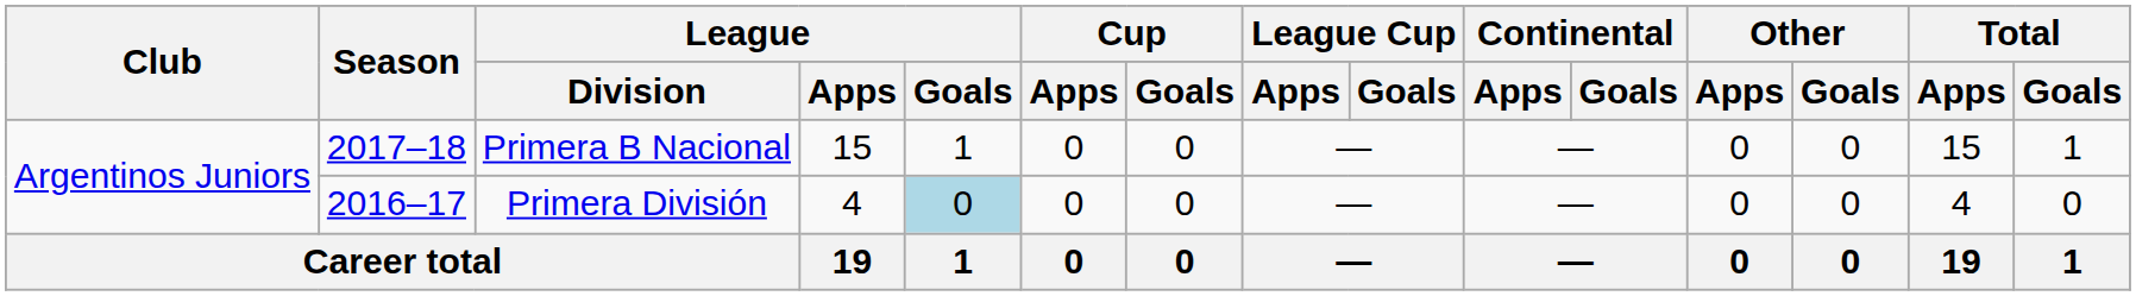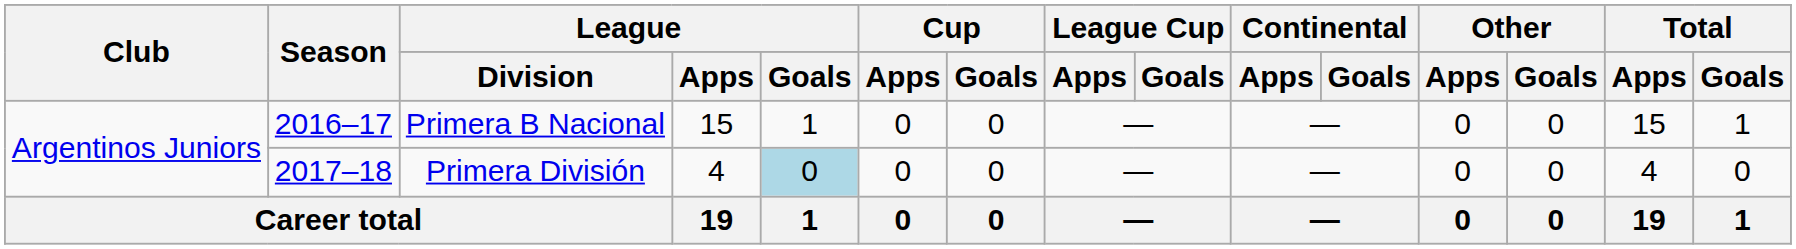 <table class="wikitable" style="text-align:center">
 <tr>
 <th rowspan="2">Club</th>
 <th rowspan="2">Season</th>
 <th colspan="3">League</th>
 <th colspan="2">Cup</th>
 <th colspan="2">League Cup</th>
 <th colspan="2">Continental</th>
 <th colspan="2">Other</th>
 <th colspan="2">Total</th>
 </tr>
 <tr>
 <th>Division</th>
 <th>Apps</th>
 <th>Goals</th>
 <th>Apps</th>
 <th>Goals</th>
 <th>Apps</th>
 <th>Goals</th>
 <th>Apps</th>
 <th>Goals</th>
 <th>Apps</th>
 <th>Goals</th>
 <th>Apps</th>
 <th>Goals</th>
 </tr>
 <tr>
 <td rowspan="2"><a href='#'>Argentinos Juniors</a></td>
-<td><a href='#'>2017–18</a></td>
+<td><a href='#'>2016–17</a></td>
 <td rowspan="1"><a href='#'>Primera B Nacional</a></td>
 <td>15</td>
 <td>1</td>
 <td>0</td>
 <td>0</td>
 <td colspan="2">—</td>
 <td colspan="2">—</td>
 <td>0</td>
 <td>0</td>
 <td>15</td>
 <td>1</td>
 </tr>
 <tr>
-<td><a href='#'>2016–17</a></td>
+<td><a href='#'>2017–18</a></td>
 <td rowspan="1"><a href='#'>Primera División</a></td>
 <td>4</td>
 <td style="background: lightblue;">0</td>
 <td>0</td>
 <td>0</td>
 <td colspan="2">—</td>
 <td colspan="2">—</td>
 <td>0</td>
 <td>0</td>
 <td>4</td>
 <td>0</td>
 </tr>
 <tr>
 <th colspan="3">Career total</th>
 <th>19</th>
 <th>1</th>
 <th>0</th>
 <th>0</th>
 <th colspan="2">—</th>
 <th colspan="2">—</th>
 <th>0</th>
 <th>0</th>
 <th>19</th>
 <th>1</th>
 </tr>
 </table>
